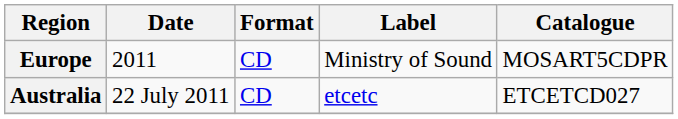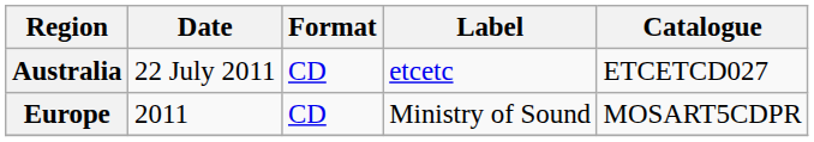 <table class="wikitable plainrowheaders">
 <tr>
 <th scope="col">Region</th>
 <th scope="col">Date</th>
 <th scope="col">Format</th>
 <th scope="col">Label</th>
 <th scope="col">Catalogue</th>
 </tr>
 <tr>
+<th scope="row">Australia</th>
+<td>22 July 2011</td>
+<td><a href='#'>CD</a></td>
+<td><a href='#'>etcetc</a></td>
+<td>ETCETCD027</td>
+</tr>
+<tr>
 <th scope="row">Europe</th>
 <td>2011</td>
 <td><a href='#'>CD</a></td>
 <td>Ministry of Sound</td>
 <td>MOSART5CDPR</td>
 </tr>
 <tr>
-<th scope="row">Australia</th>
-<td>22 July 2011</td>
-<td><a href='#'>CD</a></td>
-<td><a href='#'>etcetc</a></td>
-<td>ETCETCD027</td>
-</tr>
-<tr>
 </tr>
 </table>
